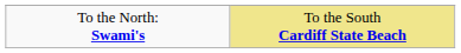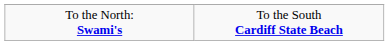 <table class="wikitable" style="margin: 0.5em auto; clear: both; font-size:95%;">
 <tr style="text-align: center;">
 </tr>
 <tr style="text-align: center;">
 <td width="30%" align="center" rowspan="1">To the North:<br><strong><a href='#'>Swami's</a></strong><br></td>
-<td width="30%" align="center" rowspan="1" style="background: khaki;">To the South<br><strong><a href='#'>Cardiff State Beach</a></strong></td>
+<td width="30%" align="center" rowspan="1">To the South<br><strong><a href='#'>Cardiff State Beach</a></strong></td>
 </tr>
 </table>
